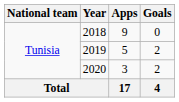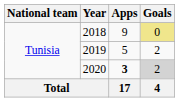 <table class="wikitable" style="text-align:center">
 <tr>
 <th>National team</th>
 <th>Year</th>
 <th>Apps</th>
 <th>Goals</th>
 </tr>
 <tr>
 <td rowspan="3"><a href='#'>Tunisia</a></td>
 <td>2018</td>
 <td>9</td>
-<td>0</td>
+<td style="background: khaki;">0</td>
 </tr>
 <tr>
 <td>2019</td>
 <td>5</td>
 <td>2</td>
 </tr>
 <tr>
 <td>2020</td>
-<td>3</td>
-<td>2</td>
+<td><strong>3</strong></td>
+<td style="background: lightgrey;">2</td>
 </tr>
 <tr>
 <th colspan="2">Total</th>
 <th>17</th>
 <th>4</th>
 </tr>
 </table>
